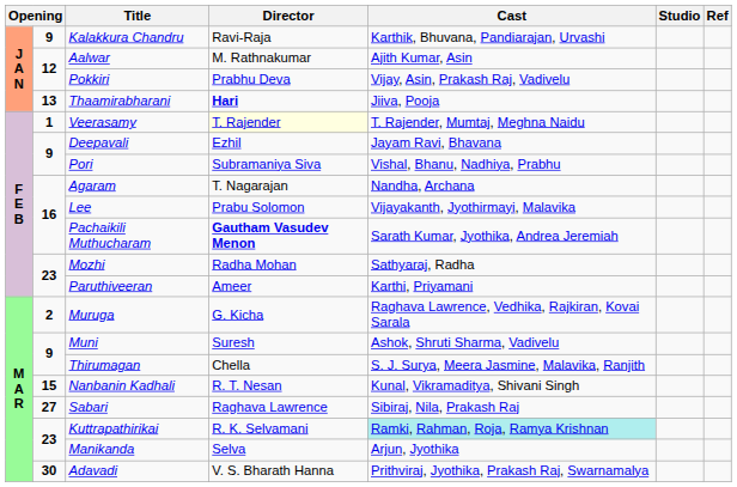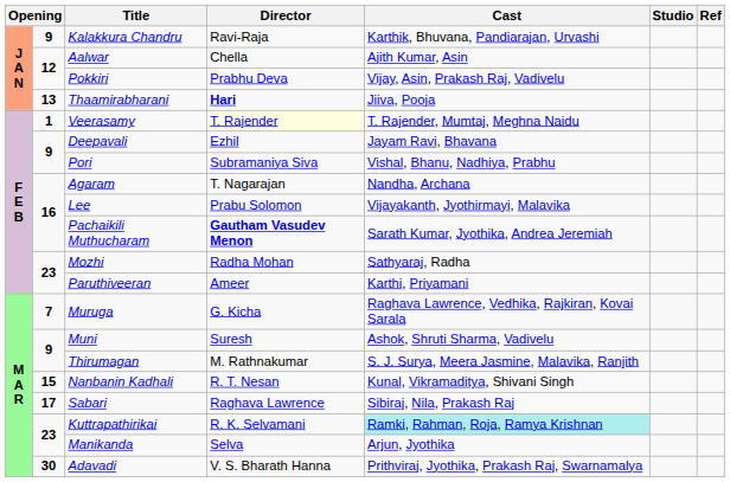 <table class="wikitable">
 <tr>
 <th colspan="2">Opening</th>
 <th>Title</th>
 <th>Director</th>
 <th>Cast</th>
 <th>Studio</th>
 <th>Ref</th>
 </tr>
 <tr January!>
 <td rowspan="4" valign="center" align="center" style="background:#FFA07A; textcolor:#000;"><strong>J<br>A<br>N</strong></td>
 <td rowspan="1" align="center"><strong>9</strong></td>
 <td><em><a href='#'>Kalakkura Chandru</a></em></td>
 <td>Ravi-Raja</td>
 <td><a href='#'>Karthik</a>, Bhuvana, <a href='#'>Pandiarajan</a>, <a href='#'>Urvashi</a></td>
 <td></td>
 <td></td>
 </tr>
 <tr>
 <td rowspan="2" align="center"><strong>12</strong></td>
 <td><em><a href='#'>Aalwar</a></em></td>
-<td>M. Rathnakumar</td>
+<td>Chella</td>
 <td><a href='#'>Ajith Kumar</a>, <a href='#'>Asin</a></td>
 <td></td>
 <td></td>
 </tr>
 <tr>
 <td><em><a href='#'>Pokkiri</a></em></td>
 <td><a href='#'>Prabhu Deva</a></td>
 <td><a href='#'>Vijay</a>, <a href='#'>Asin</a>, <a href='#'>Prakash Raj</a>, <a href='#'>Vadivelu</a></td>
 <td></td>
 <td></td>
 </tr>
 <tr>
 <td rowspan="1" align="center"><strong>13</strong></td>
 <td><em><a href='#'>Thaamirabharani</a></em></td>
 <td><strong><a href='#'>Hari</a></strong></td>
 <td><a href='#'>Jiiva</a>, <a href='#'>Pooja</a></td>
 <td></td>
 <td></td>
 </tr>
 <tr February!>
 <td rowspan="8" valign="center" align="center" style="background:#D8BFD8; textcolor:#000;"><strong>F<br>E<br>B</strong></td>
 <td rowspan="1" align="center"><strong>1</strong></td>
 <td><em><a href='#'>Veerasamy</a></em></td>
 <td style="background: lightyellow;"><a href='#'>T. Rajender</a></td>
 <td><a href='#'>T. Rajender</a>, <a href='#'>Mumtaj</a>, <a href='#'>Meghna Naidu</a></td>
 <td></td>
 <td></td>
 </tr>
 <tr>
 <td rowspan="2" align="center"><strong>9</strong></td>
 <td><em><a href='#'>Deepavali</a></em></td>
 <td><a href='#'>Ezhil</a></td>
 <td><a href='#'>Jayam Ravi</a>, <a href='#'>Bhavana</a></td>
 <td></td>
 <td></td>
 </tr>
 <tr>
 <td><em><a href='#'>Pori</a></em></td>
 <td><a href='#'>Subramaniya Siva</a></td>
 <td><a href='#'>Vishal</a>, <a href='#'>Bhanu</a>, <a href='#'>Nadhiya</a>, <a href='#'>Prabhu</a></td>
 <td></td>
 <td></td>
 </tr>
 <tr>
 <td rowspan="3" align="center"><strong>16</strong></td>
 <td><em><a href='#'>Agaram</a></em></td>
 <td>T. Nagarajan</td>
 <td><a href='#'>Nandha</a>, <a href='#'>Archana</a></td>
 <td></td>
 <td></td>
 </tr>
 <tr>
 <td><em><a href='#'>Lee</a></em></td>
 <td><a href='#'>Prabu Solomon</a></td>
 <td><a href='#'>Vijayakanth</a>, <a href='#'>Jyothirmayi</a>, <a href='#'>Malavika</a></td>
 <td></td>
 <td></td>
 </tr>
 <tr>
 <td><em><a href='#'>Pachaikili Muthucharam</a></em></td>
 <td><strong><a href='#'>Gautham Vasudev Menon</a></strong></td>
 <td><a href='#'>Sarath Kumar</a>, <a href='#'>Jyothika</a>, <a href='#'>Andrea Jeremiah</a></td>
 <td></td>
 <td></td>
 </tr>
 <tr>
 <td rowspan="2" align="center"><strong>23</strong></td>
 <td><em><a href='#'>Mozhi</a></em></td>
 <td><a href='#'>Radha Mohan</a></td>
 <td><a href='#'>Sathyaraj</a>, Radha</td>
 <td></td>
 <td></td>
 </tr>
 <tr>
 <td><em><a href='#'>Paruthiveeran</a></em></td>
 <td><a href='#'>Ameer</a></td>
 <td><a href='#'>Karthi</a>, <a href='#'>Priyamani</a></td>
 <td></td>
 <td></td>
 </tr>
 <tr March>
 <td rowspan="8" valign="center" align="center" style="background:#98FB98; textcolor:#000;"><strong>M<br>A<br>R</strong></td>
-<td rowspan="1" align="center"><strong>2</strong></td>
+<td rowspan="1" align="center"><strong>7</strong></td>
 <td><em><a href='#'>Muruga</a></em></td>
 <td><a href='#'>G. Kicha</a></td>
 <td><a href='#'>Raghava Lawrence</a>, <a href='#'>Vedhika</a>, <a href='#'>Rajkiran</a>, <a href='#'>Kovai Sarala</a></td>
 <td></td>
 <td></td>
 </tr>
 <tr>
 <td rowspan="2" align="center"><strong>9</strong></td>
 <td><em><a href='#'>Muni</a></em></td>
 <td><a href='#'>Suresh</a></td>
 <td><a href='#'>Ashok</a>, <a href='#'>Shruti Sharma</a>, <a href='#'>Vadivelu</a></td>
 <td></td>
 <td></td>
 </tr>
 <tr>
 <td><em><a href='#'>Thirumagan</a></em></td>
-<td>Chella</td>
+<td>M. Rathnakumar</td>
 <td><a href='#'>S. J. Surya</a>, <a href='#'>Meera Jasmine</a>, <a href='#'>Malavika</a>, <a href='#'>Ranjith</a></td>
 <td></td>
 <td></td>
 </tr>
 <tr>
 <td rowspan="1" align="center"><strong>15</strong></td>
 <td><em><a href='#'>Nanbanin Kadhali</a></em></td>
 <td><a href='#'>R. T. Nesan</a></td>
 <td><a href='#'>Kunal</a>, <a href='#'>Vikramaditya</a>, Shivani Singh</td>
 <td></td>
 <td></td>
 </tr>
 <tr>
-<td rowspan="1" align="center"><strong>27</strong></td>
+<td rowspan="1" align="center"><strong>17</strong></td>
 <td><em><a href='#'>Sabari</a></em></td>
 <td><a href='#'>Raghava Lawrence</a></td>
 <td><a href='#'>Sibiraj</a>, <a href='#'>Nila</a>, <a href='#'>Prakash Raj</a></td>
 <td></td>
 <td></td>
 </tr>
 <tr>
 <td rowspan="2" align="center"><strong>23</strong></td>
 <td><em><a href='#'>Kuttrapathirikai</a></em></td>
 <td><a href='#'>R. K. Selvamani</a></td>
 <td style="background: paleturquoise;"><a href='#'>Ramki</a>, <a href='#'>Rahman</a>, <a href='#'>Roja</a>, <a href='#'>Ramya Krishnan</a></td>
 <td></td>
 <td></td>
 </tr>
 <tr>
 <td><em><a href='#'>Manikanda</a></em></td>
 <td><a href='#'>Selva</a></td>
 <td><a href='#'>Arjun</a>, <a href='#'>Jyothika</a></td>
 <td></td>
 <td></td>
 </tr>
 <tr>
 <td rowspan="1" align="center"><strong>30</strong></td>
 <td><em><a href='#'>Adavadi</a></em></td>
 <td>V. S. Bharath Hanna</td>
 <td><a href='#'>Prithviraj</a>, <a href='#'>Jyothika</a>, <a href='#'>Prakash Raj</a>, <a href='#'>Swarnamalya</a></td>
 <td></td>
 <td></td>
 </tr>
 </table>
